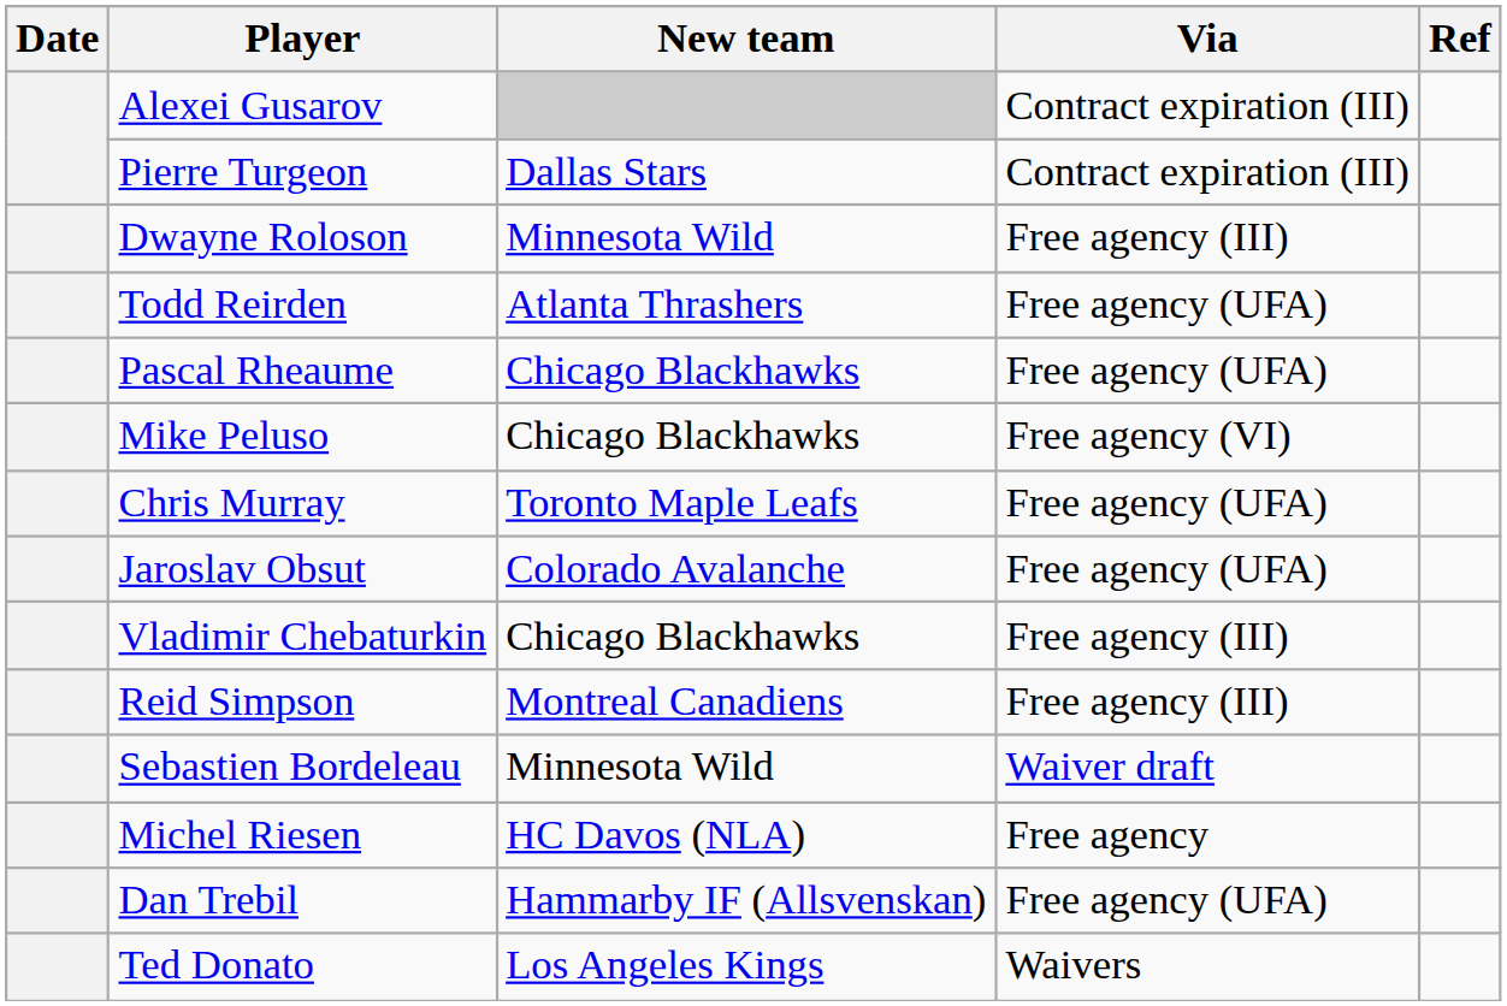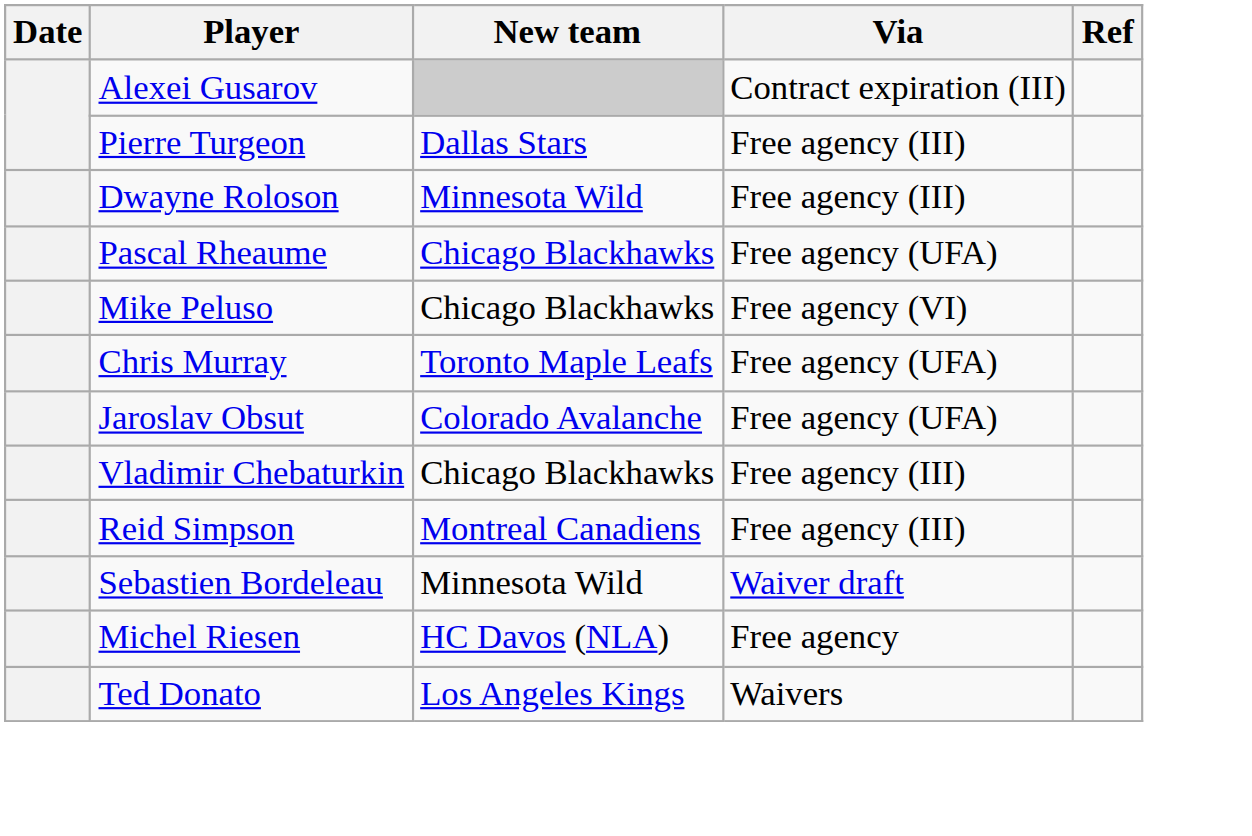 <table class="wikitable plainrowheaders">
 <tr style="background:#ddd; text-align:center;">
 <th>Date</th>
 <th>Player</th>
 <th>New team</th>
 <th>Via</th>
 <th>Ref</th>
 </tr>
 <tr>
 <th scope="row" rowspan=2></th>
 <td><a href='#'>Alexei Gusarov</a></td>
 <td style="background:#ccc"></td>
 <td>Contract expiration (III)</td>
 <td></td>
 </tr>
 <tr>
 <td><a href='#'>Pierre Turgeon</a></td>
 <td><a href='#'>Dallas Stars</a></td>
-<td>Contract expiration (III)</td>
+<td>Free agency (III)</td>
 <td></td>
 </tr>
 <tr>
 <th scope="row"></th>
 <td><a href='#'>Dwayne Roloson</a></td>
 <td><a href='#'>Minnesota Wild</a></td>
 <td>Free agency (III)</td>
-<td></td>
-</tr>
-<tr>
-<th scope="row"></th>
-<td><a href='#'>Todd Reirden</a></td>
-<td><a href='#'>Atlanta Thrashers</a></td>
-<td>Free agency (UFA)</td>
 <td></td>
 </tr>
 <tr>
 <th scope="row"></th>
 <td><a href='#'>Pascal Rheaume</a></td>
 <td><a href='#'>Chicago Blackhawks</a></td>
 <td>Free agency (UFA)</td>
 <td></td>
 </tr>
 <tr>
 <th scope="row"></th>
 <td><a href='#'>Mike Peluso</a></td>
 <td>Chicago Blackhawks</td>
 <td>Free agency (VI)</td>
 <td></td>
 </tr>
 <tr>
 <th scope="row"></th>
 <td><a href='#'>Chris Murray</a></td>
 <td><a href='#'>Toronto Maple Leafs</a></td>
 <td>Free agency (UFA)</td>
 <td></td>
 </tr>
 <tr>
 <th scope="row"></th>
 <td><a href='#'>Jaroslav Obsut</a></td>
 <td><a href='#'>Colorado Avalanche</a></td>
 <td>Free agency (UFA)</td>
 <td></td>
 </tr>
 <tr>
 <th scope="row"></th>
 <td><a href='#'>Vladimir Chebaturkin</a></td>
 <td>Chicago Blackhawks</td>
 <td>Free agency (III)</td>
 <td></td>
 </tr>
 <tr>
 <th scope="row"></th>
 <td><a href='#'>Reid Simpson</a></td>
 <td><a href='#'>Montreal Canadiens</a></td>
 <td>Free agency (III)</td>
 <td></td>
 </tr>
 <tr>
 <th scope="row"></th>
 <td><a href='#'>Sebastien Bordeleau</a></td>
 <td>Minnesota Wild</td>
 <td><a href='#'>Waiver draft</a></td>
 <td></td>
 </tr>
 <tr>
 <th scope="row"></th>
 <td><a href='#'>Michel Riesen</a></td>
 <td><a href='#'>HC Davos</a> (<a href='#'>NLA</a>)</td>
 <td>Free agency</td>
 <td></td>
 </tr>
 <tr>
 <th scope="row"></th>
-<td><a href='#'>Dan Trebil</a></td>
-<td><a href='#'>Hammarby IF</a> (<a href='#'>Allsvenskan</a>)</td>
-<td>Free agency (UFA)</td>
-<td></td>
-</tr>
-<tr>
-<th scope="row"></th>
 <td><a href='#'>Ted Donato</a></td>
 <td><a href='#'>Los Angeles Kings</a></td>
 <td>Waivers</td>
 <td></td>
 </tr>
 </table>
